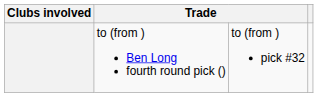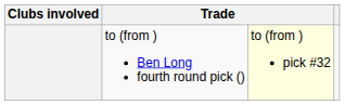 <table class="wikitable plainrowheaders">
 <tr>
 <th>Clubs involved</th>
 <th colspan="2">Trade</th>
 <th></th>
 </tr>
 <tr>
 <th scope="row"><br></th>
 <td valign=top>to  (from )<br><ul><li><a href='#'>Ben Long</a></li><li> fourth round pick ()</li></ul></td>
-<td valign=top>to  (from )<br><ul><li>pick #32</li></ul></td>
+<td valign=top style="background: lightyellow;">to  (from )<br><ul><li>pick #32</li></ul></td>
 <td align=center></td>
 </tr>
 </table>
